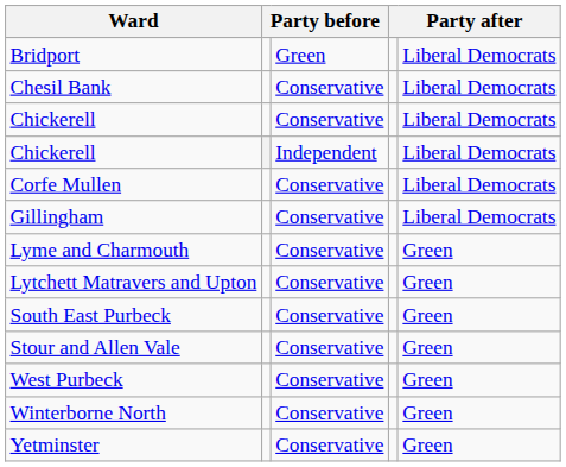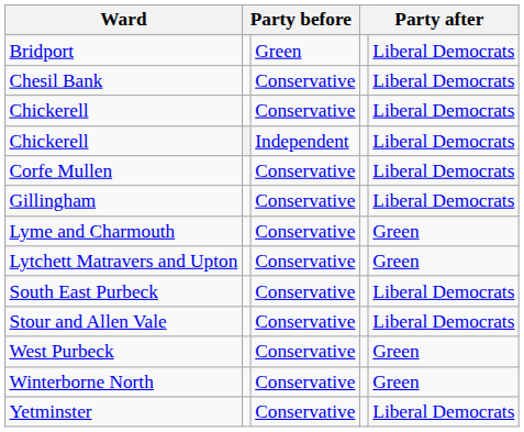 <table class="wikitable">
 <tr>
 <th>Ward</th>
 <th colspan="2">Party before</th>
 <th colspan="2">Party after</th>
 </tr>
 <tr>
 <td><a href='#'>Bridport</a></td>
 <td style="color:inherit;background:"></td>
 <td><a href='#'>Green</a></td>
 <td style="color:inherit;background:"></td>
 <td><a href='#'>Liberal Democrats</a></td>
 </tr>
 <tr>
 <td><a href='#'>Chesil Bank</a></td>
 <td style="color:inherit;background:"></td>
 <td><a href='#'>Conservative</a></td>
 <td style="color:inherit;background:"></td>
 <td><a href='#'>Liberal Democrats</a></td>
 </tr>
 <tr>
 <td><a href='#'>Chickerell</a></td>
 <td style="color:inherit;background:"></td>
 <td><a href='#'>Conservative</a></td>
 <td style="color:inherit;background:"></td>
 <td><a href='#'>Liberal Democrats</a></td>
 </tr>
 <tr>
 <td><a href='#'>Chickerell</a></td>
 <th></th>
 <td><a href='#'>Independent</a></td>
 <td style="color:inherit;background:"></td>
 <td><a href='#'>Liberal Democrats</a></td>
 </tr>
 <tr>
 <td><a href='#'>Corfe Mullen</a></td>
 <td style="color:inherit;background:"></td>
 <td><a href='#'>Conservative</a></td>
 <td style="color:inherit;background:"></td>
 <td><a href='#'>Liberal Democrats</a></td>
 </tr>
 <tr>
 <td><a href='#'>Gillingham</a></td>
 <td style="color:inherit;background:"></td>
 <td><a href='#'>Conservative</a></td>
 <td style="color:inherit;background:"></td>
 <td><a href='#'>Liberal Democrats</a></td>
 </tr>
 <tr>
 <td><a href='#'>Lyme and Charmouth</a></td>
 <td style="color:inherit;background:"></td>
 <td><a href='#'>Conservative</a></td>
 <td style="color:inherit;background:"></td>
 <td><a href='#'>Green</a></td>
 </tr>
 <tr>
 <td><a href='#'>Lytchett Matravers and Upton</a></td>
 <td style="color:inherit;background:"></td>
 <td><a href='#'>Conservative</a></td>
 <td style="color:inherit;background:"></td>
 <td><a href='#'>Green</a></td>
 </tr>
 <tr>
 <td><a href='#'>South East Purbeck</a></td>
 <td style="color:inherit;background:"></td>
 <td><a href='#'>Conservative</a></td>
 <td style="color:inherit;background:"></td>
-<td><a href='#'>Green</a></td>
+<td><a href='#'>Liberal Democrats</a></td>
 </tr>
 <tr>
 <td><a href='#'>Stour and Allen Vale</a></td>
 <td style="color:inherit;background:"></td>
 <td><a href='#'>Conservative</a></td>
 <td style="color:inherit;background:"></td>
-<td><a href='#'>Green</a></td>
+<td><a href='#'>Liberal Democrats</a></td>
 </tr>
 <tr>
 <td><a href='#'>West Purbeck</a></td>
 <td style="color:inherit;background:"></td>
 <td><a href='#'>Conservative</a></td>
 <td style="color:inherit;background:"></td>
 <td><a href='#'>Green</a></td>
 </tr>
 <tr>
 <td><a href='#'>Winterborne North</a></td>
 <td style="color:inherit;background:"></td>
 <td><a href='#'>Conservative</a></td>
 <td style="color:inherit;background:"></td>
 <td><a href='#'>Green</a></td>
 </tr>
 <tr>
 <td><a href='#'>Yetminster</a></td>
 <td style="color:inherit;background:"></td>
 <td><a href='#'>Conservative</a></td>
 <td style="color:inherit;background:"></td>
-<td><a href='#'>Green</a></td>
+<td><a href='#'>Liberal Democrats</a></td>
 </tr>
 </table>
